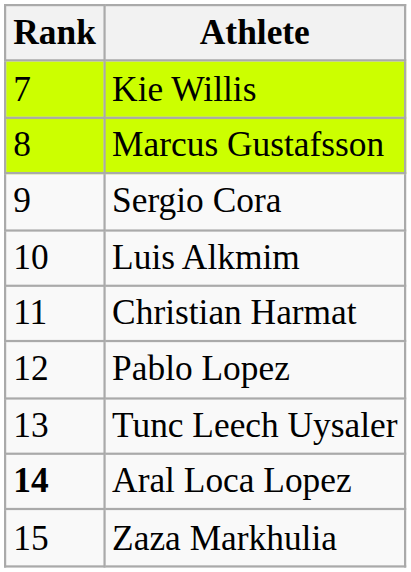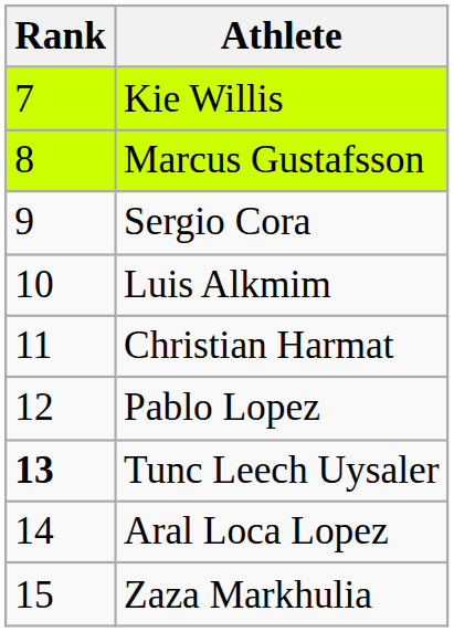 <table class="wikitable">
 <tr>
 <th>Rank</th>
 <th>Athlete</th>
 </tr>
 <tr>
 <td style="background:#CCFF00">7</td>
 <td style="background:#CCFF00"> Kie Willis</td>
 </tr>
 <tr>
 <td style="background:#CCFF00">8</td>
 <td style="background:#CCFF00"> Marcus Gustafsson</td>
 </tr>
 <tr>
 <td>9</td>
 <td> Sergio Cora</td>
 </tr>
 <tr>
 <td>10</td>
 <td> Luis Alkmim</td>
 </tr>
 <tr>
 <td>11</td>
 <td> Christian Harmat</td>
 </tr>
 <tr>
 <td>12</td>
 <td> Pablo Lopez</td>
 </tr>
 <tr>
-<td>13</td>
+<td><strong>13</strong></td>
 <td> Tunc Leech Uysaler</td>
 </tr>
 <tr>
-<td><strong>14</strong></td>
+<td>14</td>
 <td> Aral Loca Lopez</td>
 </tr>
 <tr>
 <td>15</td>
 <td> Zaza Markhulia</td>
 </tr>
 </table>
